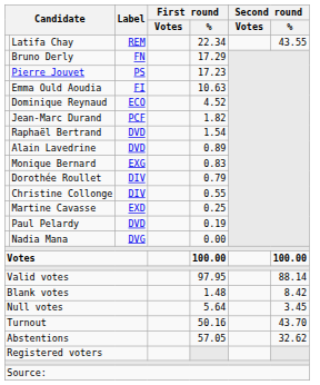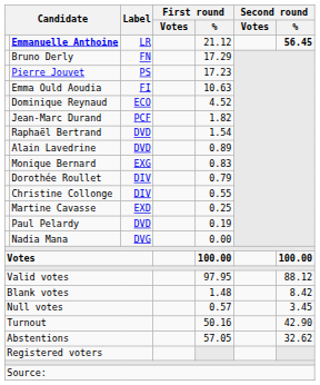 <table class="wikitable" style="text-align:right;font-size:95%;">
 <tr>
 <th rowspan="2" colspan="2">Candidate</th>
 <th rowspan="2">Label</th>
 <th colspan="2">First round</th>
 <th colspan="2">Second round</th>
 </tr>
 <tr>
 <th style="width:50px;">Votes</th>
 <th style="width:45px;">%</th>
 <th style="width:50px;">Votes</th>
 <th style="width:45px;">%</th>
 </tr>
 <tr>
 <td style="color:inherit;background:"></td>
-<td style="text-align:left;">Latifa Chay</td>
-<td><a href='#'>REM</a></td>
+<td style="text-align:left;"><strong><a href='#'>Emmanuelle Anthoine</a></strong></td>
+<td><a href='#'>LR</a></td>
 <td></td>
-<td>22.34</td>
-<td></td>
-<td>43.55</td>
+<td>21.12</td>
+<td><strong></strong></td>
+<td><strong>56.45</strong></td>
 </tr>
 <tr>
 <td style="color:inherit;background:"></td>
 <td style="text-align:left;">Bruno Derly</td>
 <td><a href='#'>FN</a></td>
 <td></td>
 <td>17.29</td>
 <td colspan="2" rowspan="13" style="background:#E9E9E9;"></td>
 </tr>
 <tr>
 <td style="color:inherit;background:"></td>
 <td style="text-align:left;"><a href='#'>Pierre Jouvet</a></td>
 <td><a href='#'>PS</a></td>
 <td></td>
 <td>17.23</td>
 </tr>
 <tr>
 <td style="color:inherit;background:"></td>
 <td style="text-align:left;">Emma Ould Aoudia</td>
 <td><a href='#'>FI</a></td>
 <td></td>
 <td>10.63</td>
 </tr>
 <tr>
 <td style="color:inherit;background:"></td>
 <td style="text-align:left;">Dominique Reynaud</td>
 <td><a href='#'>ECO</a></td>
 <td></td>
 <td>4.52</td>
 </tr>
 <tr>
 <td style="color:inherit;background:"></td>
 <td style="text-align:left;">Jean-Marc Durand</td>
 <td><a href='#'>PCF</a></td>
 <td></td>
 <td>1.82</td>
 </tr>
 <tr>
 <td style="color:inherit;background:"></td>
 <td style="text-align:left;">Raphaël Bertrand</td>
 <td><a href='#'>DVD</a></td>
 <td></td>
 <td>1.54</td>
 </tr>
 <tr>
 <td style="color:inherit;background:"></td>
 <td style="text-align:left;">Alain Lavedrine</td>
 <td><a href='#'>DVD</a></td>
 <td></td>
 <td>0.89</td>
 </tr>
 <tr>
 <td style="color:inherit;background:"></td>
 <td style="text-align:left;">Monique Bernard</td>
 <td><a href='#'>EXG</a></td>
 <td></td>
 <td>0.83</td>
 </tr>
 <tr>
 <td style="color:inherit;background:"></td>
 <td style="text-align:left;">Dorothée Roullet</td>
 <td><a href='#'>DIV</a></td>
 <td></td>
 <td>0.79</td>
 </tr>
 <tr>
 <td style="color:inherit;background:"></td>
 <td style="text-align:left;">Christine Collonge</td>
 <td><a href='#'>DIV</a></td>
 <td></td>
 <td>0.55</td>
 </tr>
 <tr>
 <td style="color:inherit;background:"></td>
 <td style="text-align:left;">Martine Cavasse</td>
 <td><a href='#'>EXD</a></td>
 <td></td>
 <td>0.25</td>
 </tr>
 <tr>
 <td style="color:inherit;background:"></td>
 <td style="text-align:left;">Paul Pelardy</td>
 <td><a href='#'>DVD</a></td>
 <td></td>
 <td>0.19</td>
 </tr>
 <tr>
 <td style="color:inherit;background:"></td>
 <td style="text-align:left;">Nadia Mana</td>
 <td><a href='#'>DVG</a></td>
 <td></td>
 <td>0.00</td>
 </tr>
 <tr>
 <td colspan="7" style="background:#E9E9E9;"></td>
 </tr>
 <tr style="font-weight:bold;">
 <td colspan="3" style="text-align:left;">Votes</td>
 <td></td>
 <td>100.00</td>
 <td></td>
 <td>100.00</td>
 </tr>
 <tr>
 <td colspan="7" style="background:#E9E9E9;"></td>
 </tr>
 <tr>
 <td colspan="3" style="text-align:left;">Valid votes</td>
 <td></td>
 <td>97.95</td>
 <td></td>
-<td>88.14</td>
+<td>88.12</td>
 </tr>
 <tr>
 <td colspan="3" style="text-align:left;">Blank votes</td>
 <td></td>
 <td>1.48</td>
 <td></td>
 <td>8.42</td>
 </tr>
 <tr>
 <td colspan="3" style="text-align:left;">Null votes</td>
 <td></td>
-<td>5.64</td>
+<td>0.57</td>
 <td></td>
 <td>3.45</td>
 </tr>
 <tr>
 <td colspan="3" style="text-align:left;">Turnout</td>
 <td></td>
 <td>50.16</td>
 <td></td>
-<td>43.70</td>
+<td>42.90</td>
 </tr>
 <tr>
 <td colspan="3" style="text-align:left;">Abstentions</td>
 <td></td>
 <td>57.05</td>
 <td></td>
 <td>32.62</td>
 </tr>
 <tr>
 <td colspan="3" style="text-align:left;">Registered voters</td>
 <td></td>
 <td style="color:inherit;background:#E9E9E9;"></td>
 <td></td>
 <td style="color:inherit;background:#E9E9E9;"></td>
 </tr>
 <tr>
 <td colspan="7" style="background:#E9E9E9;"></td>
 </tr>
 <tr>
 <td colspan="7" style="text-align:left;">Source: </td>
 </tr>
 </table>
